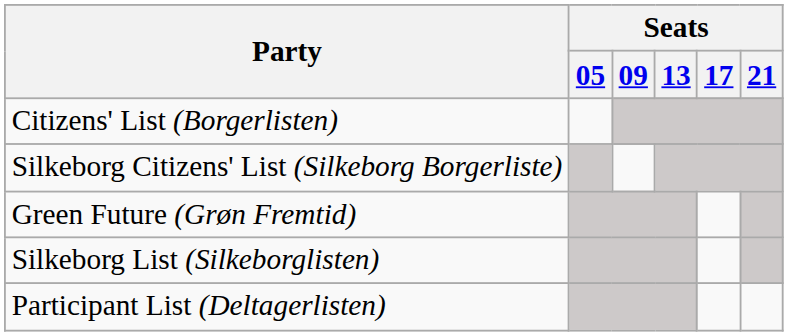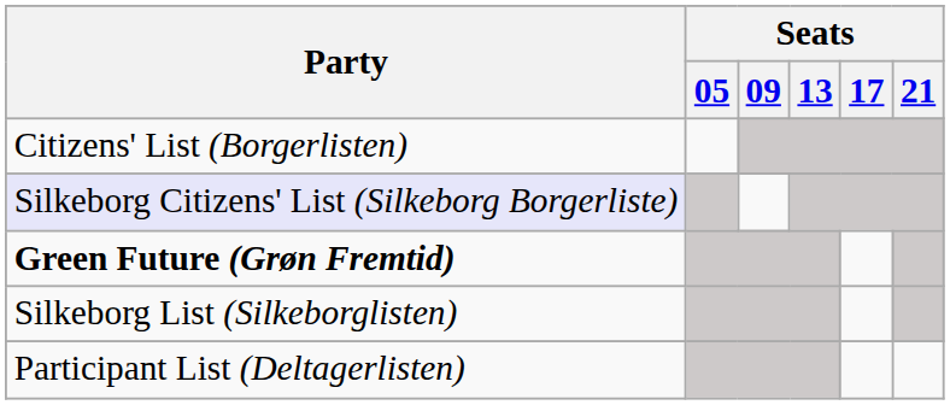 <table class="wikitable">
 <tr>
 <th rowspan=2>Party</th>
 <th colspan=11>Seats</th>
 </tr>
 <tr>
 <th><a href='#'>05</a></th>
 <th><a href='#'>09</a></th>
 <th><a href='#'>13</a></th>
 <th><a href='#'>17</a></th>
 <th><a href='#'>21</a></th>
 </tr>
 <tr>
 <td>Citizens' List <em>(Borgerlisten)</em></td>
 <td></td>
 <td style="background:#CDC9C9;" colspan=4></td>
 </tr>
 <tr>
-<td>Silkeborg Citizens' List <em>(Silkeborg Borgerliste)</em></td>
+<td style="background: lavender;">Silkeborg Citizens' List <em>(Silkeborg Borgerliste)</em></td>
 <td style="background:#CDC9C9;"></td>
 <td></td>
 <td style="background:#CDC9C9;" colspan=3></td>
 </tr>
 <tr>
-<td>Green Future <em>(Grøn Fremtid)</em></td>
+<td><strong>Green Future <em>(Grøn Fremtid)</em></strong></td>
 <td style="background:#CDC9C9;" colspan=3></td>
 <td></td>
 <td style="background:#CDC9C9;"></td>
 </tr>
 <tr>
 <td>Silkeborg List <em>(Silkeborglisten)</em></td>
 <td style="background:#CDC9C9;" colspan=3></td>
 <td></td>
 <td style="background:#CDC9C9;"></td>
 </tr>
 <tr>
 <td>Participant List <em>(Deltagerlisten)</em></td>
 <td style="background:#CDC9C9;" colspan=3></td>
 <td></td>
 <td></td>
 </tr>
 </table>
